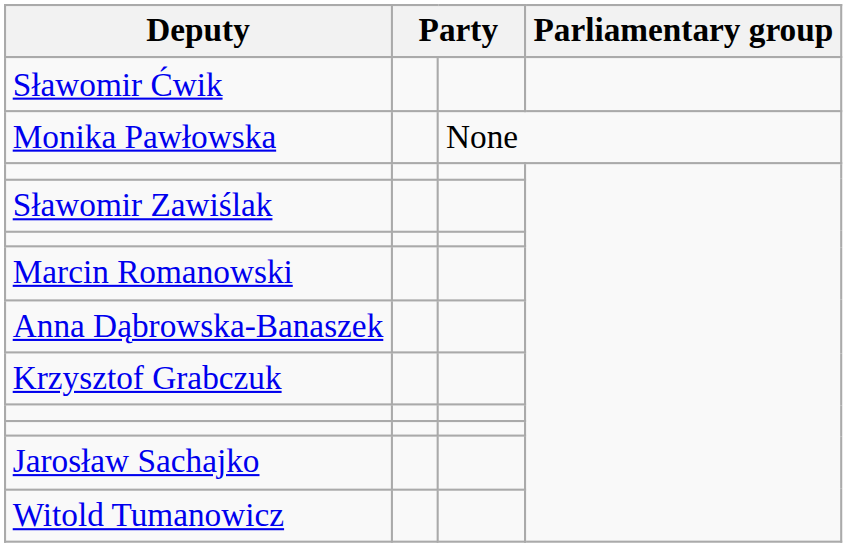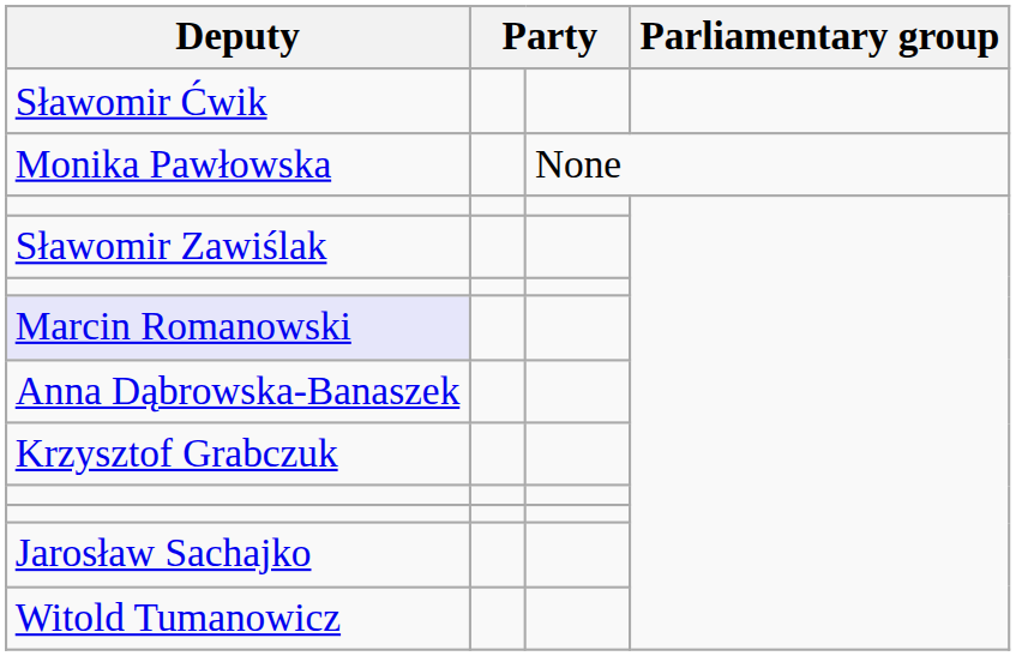 <table class="wikitable">
 <tr>
 <th>Deputy</th>
 <th colspan="2">Party</th>
 <th colspan="2">Parliamentary group</th>
 </tr>
 <tr>
 <td><a href='#'>Sławomir Ćwik</a></td>
 <td></td>
 <td></td>
 </tr>
 <tr>
 <td><a href='#'>Monika Pawłowska</a></td>
 <td></td>
 <td colspan=2>None</td>
 </tr>
 <tr>
 <td></td>
 <td></td>
 <td></td>
 </tr>
 <tr>
 <td><a href='#'>Sławomir Zawiślak</a></td>
 <td></td>
 <td></td>
 </tr>
 <tr>
 <td></td>
 <td></td>
 <td></td>
 </tr>
 <tr>
-<td><a href='#'>Marcin Romanowski</a></td>
+<td style="background: lavender;"><a href='#'>Marcin Romanowski</a></td>
 <td></td>
 <td></td>
 </tr>
 <tr>
 <td><a href='#'>Anna Dąbrowska-Banaszek</a></td>
 <td></td>
 <td></td>
 </tr>
 <tr>
 <td><a href='#'>Krzysztof Grabczuk</a></td>
 <td></td>
 <td></td>
 </tr>
 <tr>
 <td></td>
 <td></td>
 <td></td>
 </tr>
 <tr>
 <td></td>
 <td></td>
 <td></td>
 </tr>
 <tr>
 <td><a href='#'>Jarosław Sachajko</a></td>
 <td></td>
 <td></td>
 </tr>
 <tr>
 <td><a href='#'>Witold Tumanowicz</a></td>
 <td></td>
 <td></td>
 </tr>
 </table>
